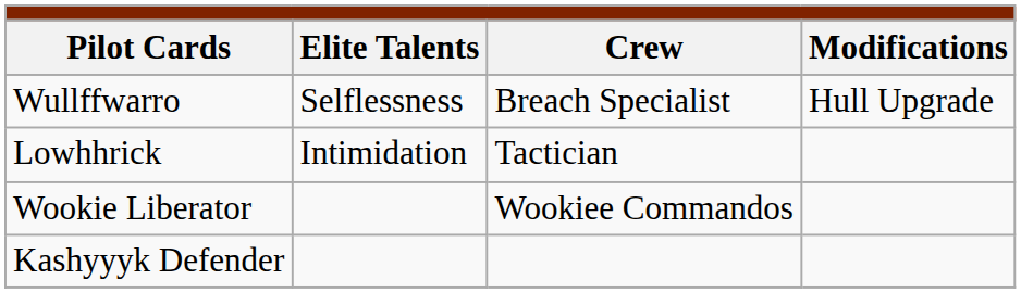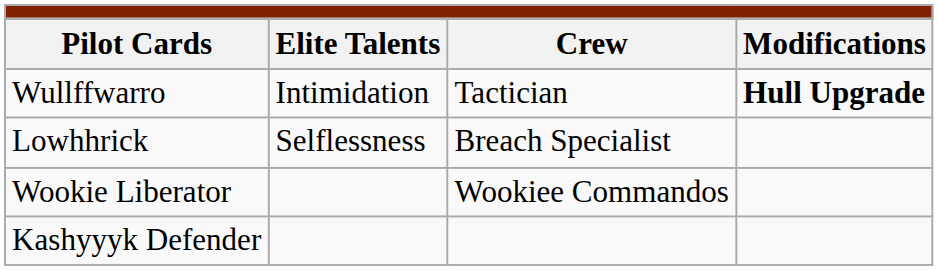 <table class="wikitable sortable">
 <tr style="background:#802200;">
 <td colspan="6"></td>
 </tr>
 <tr style="background:#802200;">
 </tr>
 <tr>
 <th>Pilot Cards</th>
 <th>Elite Talents</th>
 <th>Crew</th>
 <th>Modifications</th>
 </tr>
 <tr>
 <td>Wullffwarro</td>
-<td>Selflessness</td>
-<td>Breach Specialist</td>
-<td>Hull Upgrade</td>
+<td>Intimidation</td>
+<td>Tactician</td>
+<td><strong>Hull Upgrade</strong></td>
 </tr>
 <tr>
 <td>Lowhhrick</td>
-<td>Intimidation</td>
-<td>Tactician</td>
+<td>Selflessness</td>
+<td>Breach Specialist</td>
 <td></td>
 </tr>
 <tr>
 <td>Wookie Liberator</td>
 <td></td>
 <td>Wookiee Commandos</td>
 <td></td>
 </tr>
 <tr>
 <td>Kashyyyk Defender</td>
 <td></td>
 <td></td>
 <td></td>
 </tr>
 </table>
